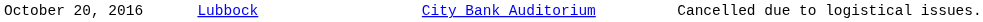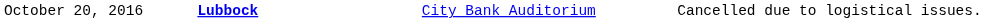 <table cellpadding="2" style="border: 0px solid darkgray; font-size:90%">
 <tr>
 <th width="150"></th>
 <th width="175"></th>
 <th width="200"></th>
 <th width="450"></th>
 </tr>
 <tr border="0">
 <td>October 20, 2016</td>
-<td><a href='#'>Lubbock</a></td>
+<td><strong><a href='#'>Lubbock</a></strong></td>
 <td><a href='#'>City Bank Auditorium</a></td>
 <td>Cancelled due to logistical issues.</td>
 </tr>
 <tr>
 </tr>
 </table>
